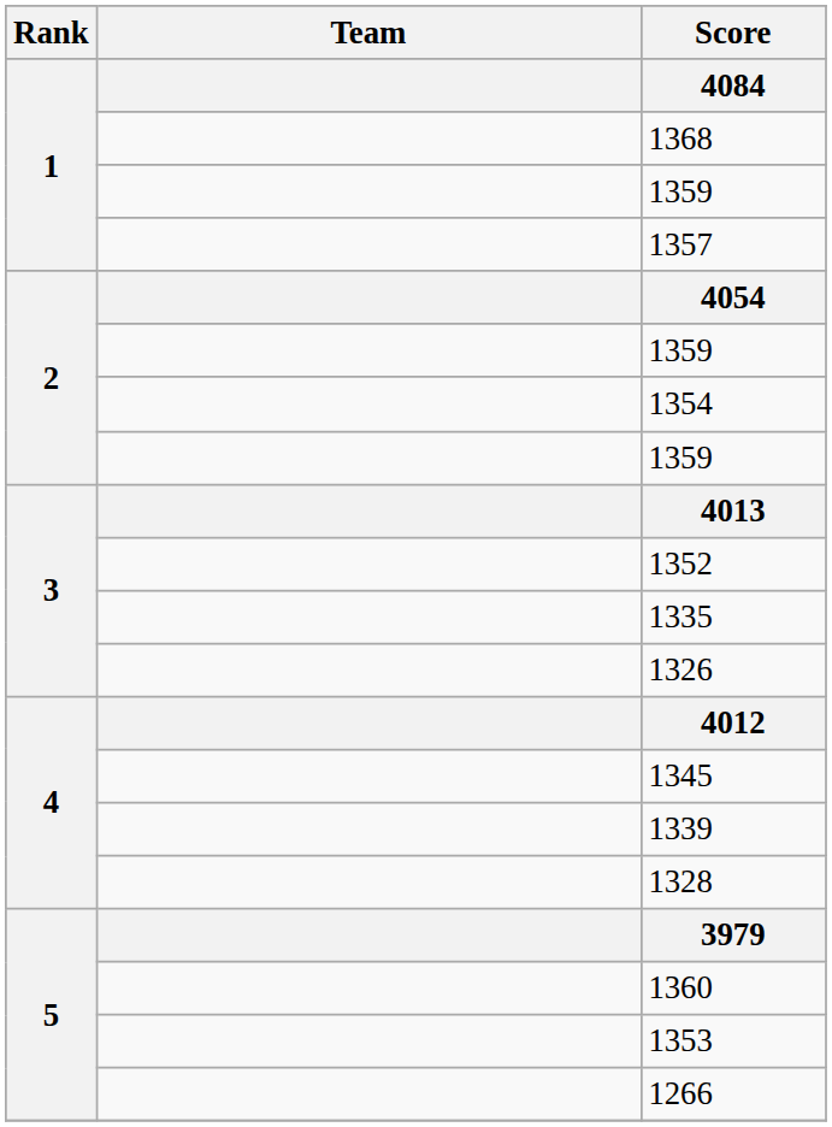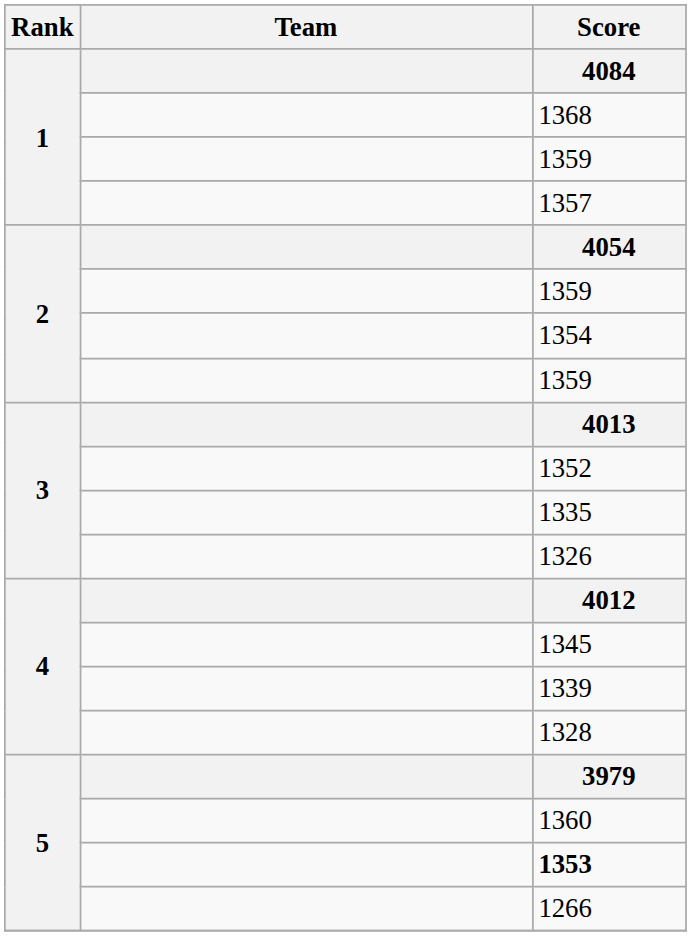 <table class="wikitable" style="font-size:95%" style="width:35em;" style="text-align:center">
 <tr>
 <th>Rank</th>
 <th width=250>Team</th>
 <th width=80>Score</th>
 </tr>
 <tr>
 <th rowspan=4>1</th>
 <th align=left></th>
 <th>4084</th>
 </tr>
 <tr>
 <td align=left></td>
 <td>1368</td>
 </tr>
 <tr>
 <td align=left></td>
 <td>1359</td>
 </tr>
 <tr>
 <td align=left></td>
 <td>1357</td>
 </tr>
 <tr>
 <th rowspan=4>2</th>
 <th align=left></th>
 <th>4054</th>
 </tr>
 <tr>
 <td align=left></td>
 <td>1359</td>
 </tr>
 <tr>
 <td align=left></td>
 <td>1354</td>
 </tr>
 <tr>
 <td align=left></td>
 <td>1359</td>
 </tr>
 <tr>
 <th rowspan=4>3</th>
 <th align=left></th>
 <th>4013</th>
 </tr>
 <tr>
 <td align=left></td>
 <td>1352</td>
 </tr>
 <tr>
 <td align=left></td>
 <td>1335</td>
 </tr>
 <tr>
 <td align=left></td>
 <td>1326</td>
 </tr>
 <tr>
 <th rowspan=4>4</th>
 <th align=left></th>
 <th>4012</th>
 </tr>
 <tr>
 <td align=left></td>
 <td>1345</td>
 </tr>
 <tr>
 <td align=left></td>
 <td>1339</td>
 </tr>
 <tr>
 <td align=left></td>
 <td>1328</td>
 </tr>
 <tr>
 <th rowspan=4>5</th>
 <th align=left></th>
 <th>3979</th>
 </tr>
 <tr>
 <td align=left></td>
 <td>1360</td>
 </tr>
 <tr>
 <td align=left></td>
-<td>1353</td>
+<td><strong>1353</strong></td>
 </tr>
 <tr>
 <td align=left></td>
 <td>1266</td>
 </tr>
 <tr>
 </tr>
 </table>
